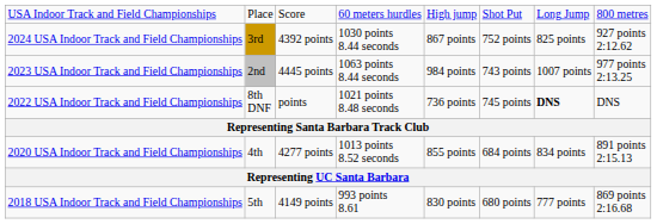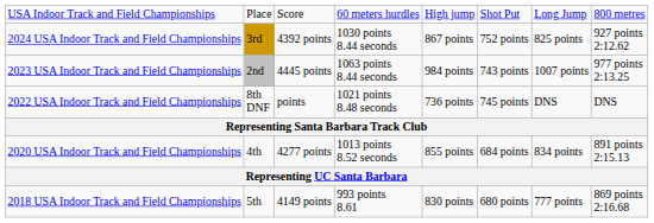 <table class="wikitable">
 <tr>
 <td><a href='#'>USA Indoor Track and Field Championships</a></td>
 <td>Place</td>
 <td>Score</td>
 <td><a href='#'>60 meters hurdles</a></td>
 <td><a href='#'>High jump</a></td>
 <td><a href='#'>Shot Put</a></td>
 <td><a href='#'>Long Jump</a></td>
 <td><a href='#'>800 metres</a></td>
 </tr>
 <tr>
 <td><a href='#'>2024 USA Indoor Track and Field Championships</a></td>
 <td bgcolor=cc9900>3rd</td>
 <td>4392 points</td>
 <td>1030 points <br>8.44 seconds</td>
 <td>867 points <br></td>
 <td>752 points <br></td>
 <td>825 points<br></td>
 <td>927 points<br>2:12.62</td>
 </tr>
 <tr>
 <td><a href='#'>2023 USA Indoor Track and Field Championships</a></td>
 <td bgcolor=silver>2nd</td>
 <td>4445 points</td>
 <td>1063 points <br>8.44 seconds</td>
 <td>984 points <br></td>
 <td>743 points <br></td>
 <td>1007 points<br></td>
 <td>977 points<br>2:13.25</td>
 </tr>
 <tr>
 <td><a href='#'>2022 USA Indoor Track and Field Championships</a></td>
 <td>8th<br> DNF</td>
 <td>points</td>
 <td>1021 points <br>8.48 seconds</td>
 <td>736 points <br></td>
 <td>745 points <br></td>
-<td><strong>DNS</strong></td>
+<td>DNS</td>
 <td>DNS</td>
 </tr>
 <tr>
 <th colspan="10">Representing Santa Barbara Track Club</th>
 </tr>
 <tr>
 <td><a href='#'>2020 USA Indoor Track and Field Championships</a></td>
 <td>4th</td>
 <td>4277 points</td>
 <td>1013 points <br>8.52 seconds</td>
 <td>855 points <br></td>
 <td>684 points <br></td>
 <td>834 points<br></td>
 <td>891 points <br> 2:15.13</td>
 </tr>
 <tr>
 <th colspan="10">Representing <a href='#'>UC Santa Barbara</a></th>
 </tr>
 <tr>
 <td><a href='#'>2018 USA Indoor Track and Field Championships</a></td>
 <td>5th</td>
 <td>4149 points</td>
 <td>993 points <br>8.61</td>
 <td>830 points <br></td>
 <td>680 points <br></td>
 <td>777 points<br></td>
 <td>869 points <br> 2:16.68</td>
 </tr>
 </table>
